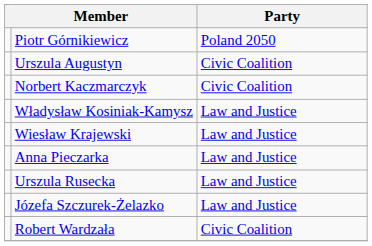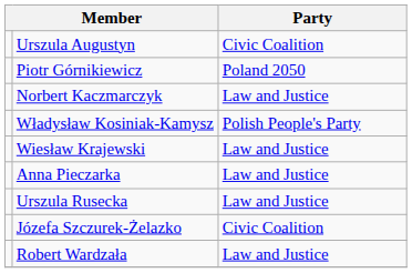 <table class="wikitable">
 <tr>
 <th width=200px colspan=2>Member</th>
 <th width=175px>Party</th>
+</tr>
+<tr>
+<td style="background-color: "></td>
+<td><a href='#'>Urszula Augustyn</a></td>
+<td><a href='#'>Civic Coalition</a></td>
 </tr>
 <tr>
 <td style="background-color: "></td>
 <td><a href='#'>Piotr Górnikiewicz</a></td>
 <td><a href='#'>Poland 2050</a></td>
 </tr>
 <tr>
 <td style="background-color: "></td>
-<td><a href='#'>Urszula Augustyn</a></td>
-<td><a href='#'>Civic Coalition</a></td>
-</tr>
-<tr>
-<td style="background-color: "></td>
 <td><a href='#'>Norbert Kaczmarczyk</a></td>
-<td><a href='#'>Civic Coalition</a></td>
+<td><a href='#'>Law and Justice</a></td>
 </tr>
 <tr>
 <td style="background-color: "></td>
 <td><a href='#'>Władysław Kosiniak-Kamysz</a></td>
-<td><a href='#'>Law and Justice</a></td>
+<td><a href='#'>Polish People's Party</a></td>
 </tr>
 <tr>
 <td style="background-color: "></td>
 <td><a href='#'>Wiesław Krajewski</a></td>
 <td><a href='#'>Law and Justice</a></td>
 </tr>
 <tr>
 <td style="background-color: "></td>
 <td><a href='#'>Anna Pieczarka</a></td>
 <td><a href='#'>Law and Justice</a></td>
 </tr>
 <tr>
 <td style="background-color: "></td>
 <td><a href='#'>Urszula Rusecka</a></td>
 <td><a href='#'>Law and Justice</a></td>
 </tr>
 <tr>
 <td style="background-color: "></td>
 <td><a href='#'>Józefa Szczurek-Żelazko</a></td>
-<td><a href='#'>Law and Justice</a></td>
+<td><a href='#'>Civic Coalition</a></td>
 </tr>
 <tr>
 <td style="background-color: "></td>
 <td><a href='#'>Robert Wardzała</a></td>
-<td><a href='#'>Civic Coalition</a></td>
+<td><a href='#'>Law and Justice</a></td>
 </tr>
 <tr>
 </tr>
 </table>
